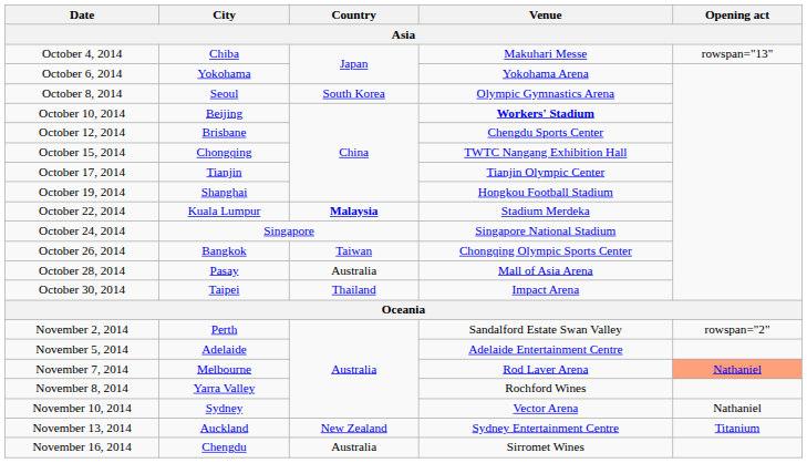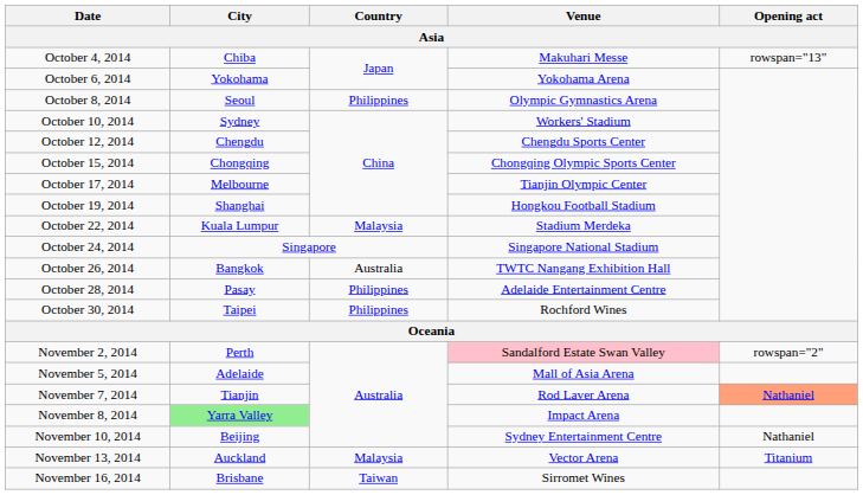 <table class="wikitable plainrowheaders" style="text-align:center;">
 <tr>
 <th scope="col" style="width:12em;">Date</th>
 <th scope="col" style="width:10em;">City</th>
 <th scope="col" style="width:10em;">Country</th>
 <th scope="col" style="width:20em;">Venue</th>
 <th scope="col" style="width:10em;">Opening act</th>
 </tr>
 <tr>
 <th colspan="5">Asia</th>
 </tr>
 <tr>
 <td>October 4, 2014</td>
 <td><a href='#'>Chiba</a></td>
 <td rowspan="2"><a href='#'>Japan</a></td>
 <td><a href='#'>Makuhari Messe</a></td>
 <td>rowspan="13" </td>
 </tr>
 <tr>
 <td>October 6, 2014</td>
 <td><a href='#'>Yokohama</a></td>
 <td><a href='#'>Yokohama Arena</a></td>
 </tr>
 <tr>
 <td>October 8, 2014</td>
 <td><a href='#'>Seoul</a></td>
-<td><a href='#'>South Korea</a></td>
+<td><a href='#'>Philippines</a></td>
 <td><a href='#'>Olympic Gymnastics Arena</a></td>
 </tr>
 <tr>
 <td>October 10, 2014</td>
-<td><a href='#'>Beijing</a></td>
+<td><a href='#'>Sydney</a></td>
 <td rowspan="5"><a href='#'>China</a></td>
-<td><strong><a href='#'>Workers' Stadium</a></strong></td>
+<td><a href='#'>Workers' Stadium</a></td>
 </tr>
 <tr>
 <td>October 12, 2014</td>
-<td><a href='#'>Brisbane</a></td>
+<td><a href='#'>Chengdu</a></td>
 <td><a href='#'>Chengdu Sports Center</a></td>
 </tr>
 <tr>
 <td>October 15, 2014</td>
 <td><a href='#'>Chongqing</a></td>
-<td><a href='#'>TWTC Nangang Exhibition Hall</a></td>
+<td><a href='#'>Chongqing Olympic Sports Center</a></td>
 </tr>
 <tr>
 <td>October 17, 2014</td>
-<td><a href='#'>Tianjin</a></td>
+<td><a href='#'>Melbourne</a></td>
 <td><a href='#'>Tianjin Olympic Center</a></td>
 </tr>
 <tr>
 <td>October 19, 2014</td>
 <td><a href='#'>Shanghai</a></td>
 <td><a href='#'>Hongkou Football Stadium</a></td>
 </tr>
 <tr>
 <td>October 22, 2014</td>
 <td><a href='#'>Kuala Lumpur</a></td>
-<td><strong><a href='#'>Malaysia</a></strong></td>
+<td><a href='#'>Malaysia</a></td>
 <td><a href='#'>Stadium Merdeka</a></td>
 </tr>
 <tr>
 <td>October 24, 2014</td>
 <td colspan="2"><a href='#'>Singapore</a></td>
 <td><a href='#'>Singapore National Stadium</a></td>
 </tr>
 <tr>
 <td>October 26, 2014</td>
 <td><a href='#'>Bangkok</a></td>
-<td><a href='#'>Taiwan</a></td>
-<td><a href='#'>Chongqing Olympic Sports Center</a></td>
+<td>Australia</td>
+<td><a href='#'>TWTC Nangang Exhibition Hall</a></td>
 </tr>
 <tr>
 <td>October 28, 2014</td>
 <td><a href='#'>Pasay</a></td>
-<td>Australia</td>
-<td><a href='#'>Mall of Asia Arena</a></td>
+<td><a href='#'>Philippines</a></td>
+<td><a href='#'>Adelaide Entertainment Centre</a></td>
 </tr>
 <tr>
 <td>October 30, 2014</td>
 <td><a href='#'>Taipei</a></td>
-<td><a href='#'>Thailand</a></td>
-<td><a href='#'>Impact Arena</a></td>
+<td><a href='#'>Philippines</a></td>
+<td>Rochford Wines</td>
 </tr>
 <tr>
 <th colspan="5">Oceania</th>
 </tr>
 <tr>
 <td>November 2, 2014</td>
 <td><a href='#'>Perth</a></td>
 <td rowspan="5"><a href='#'>Australia</a></td>
-<td>Sandalford Estate Swan Valley</td>
+<td style="background: pink;">Sandalford Estate Swan Valley</td>
 <td>rowspan="2" </td>
 </tr>
 <tr>
 <td>November 5, 2014</td>
 <td><a href='#'>Adelaide</a></td>
-<td><a href='#'>Adelaide Entertainment Centre</a></td>
+<td><a href='#'>Mall of Asia Arena</a></td>
 </tr>
 <tr>
 <td>November 7, 2014</td>
-<td><a href='#'>Melbourne</a></td>
+<td><a href='#'>Tianjin</a></td>
 <td><a href='#'>Rod Laver Arena</a></td>
 <td style="background: lightsalmon;"><a href='#'>Nathaniel</a></td>
 </tr>
 <tr>
 <td>November 8, 2014</td>
-<td><a href='#'>Yarra Valley</a></td>
-<td>Rochford Wines</td>
+<td style="background: lightgreen;"><a href='#'>Yarra Valley</a></td>
+<td><a href='#'>Impact Arena</a></td>
 <td></td>
 </tr>
 <tr>
 <td>November 10, 2014</td>
-<td><a href='#'>Sydney</a></td>
-<td><a href='#'>Vector Arena</a></td>
+<td><a href='#'>Beijing</a></td>
+<td><a href='#'>Sydney Entertainment Centre</a></td>
 <td>Nathaniel</td>
 </tr>
 <tr>
 <td>November 13, 2014</td>
 <td><a href='#'>Auckland</a></td>
-<td><a href='#'>New Zealand</a></td>
-<td><a href='#'>Sydney Entertainment Centre</a></td>
+<td><a href='#'>Malaysia</a></td>
+<td><a href='#'>Vector Arena</a></td>
 <td><a href='#'>Titanium</a></td>
 </tr>
 <tr>
 <td>November 16, 2014</td>
-<td><a href='#'>Chengdu</a></td>
-<td>Australia</td>
+<td><a href='#'>Brisbane</a></td>
+<td><a href='#'>Taiwan</a></td>
 <td>Sirromet Wines</td>
 <td></td>
 </tr>
 </table>
